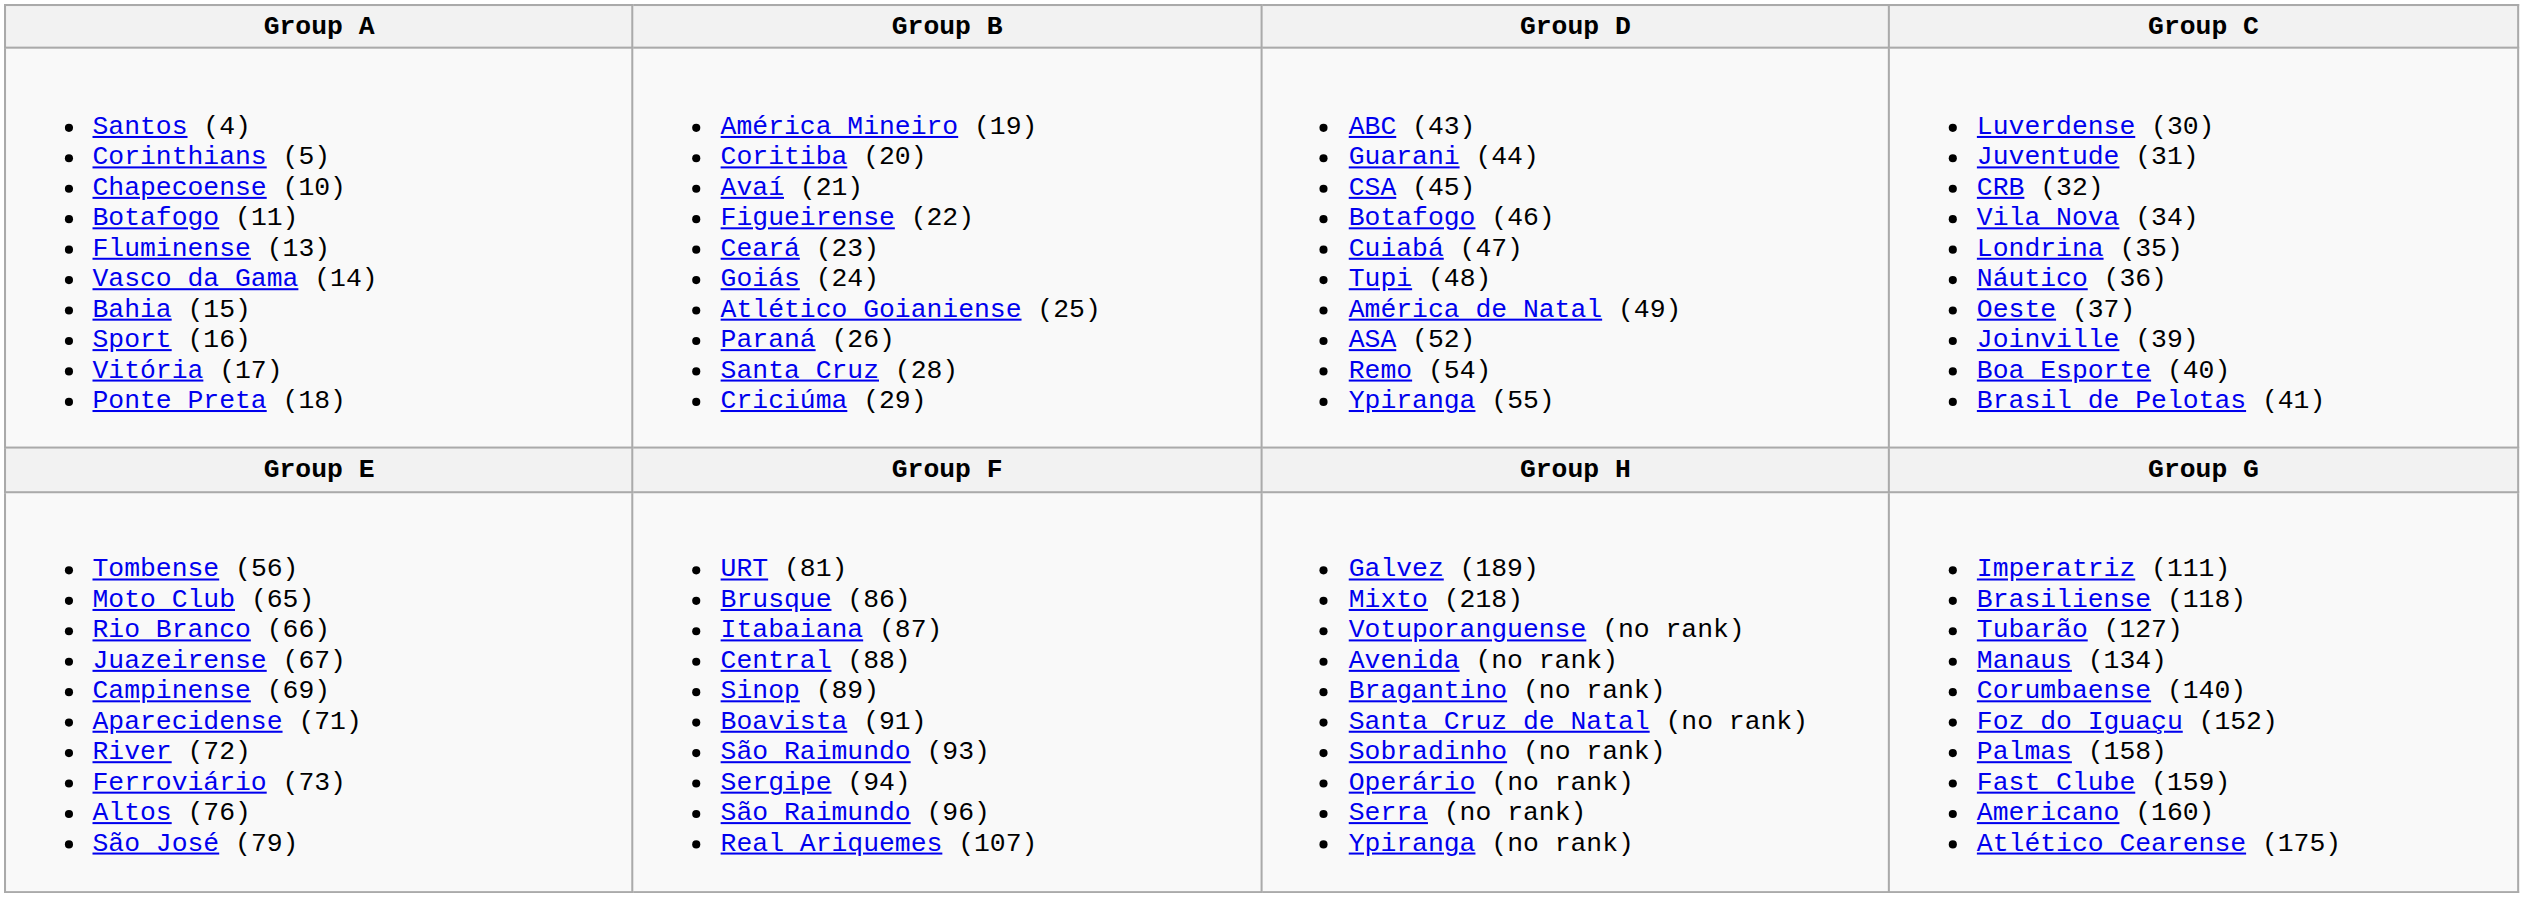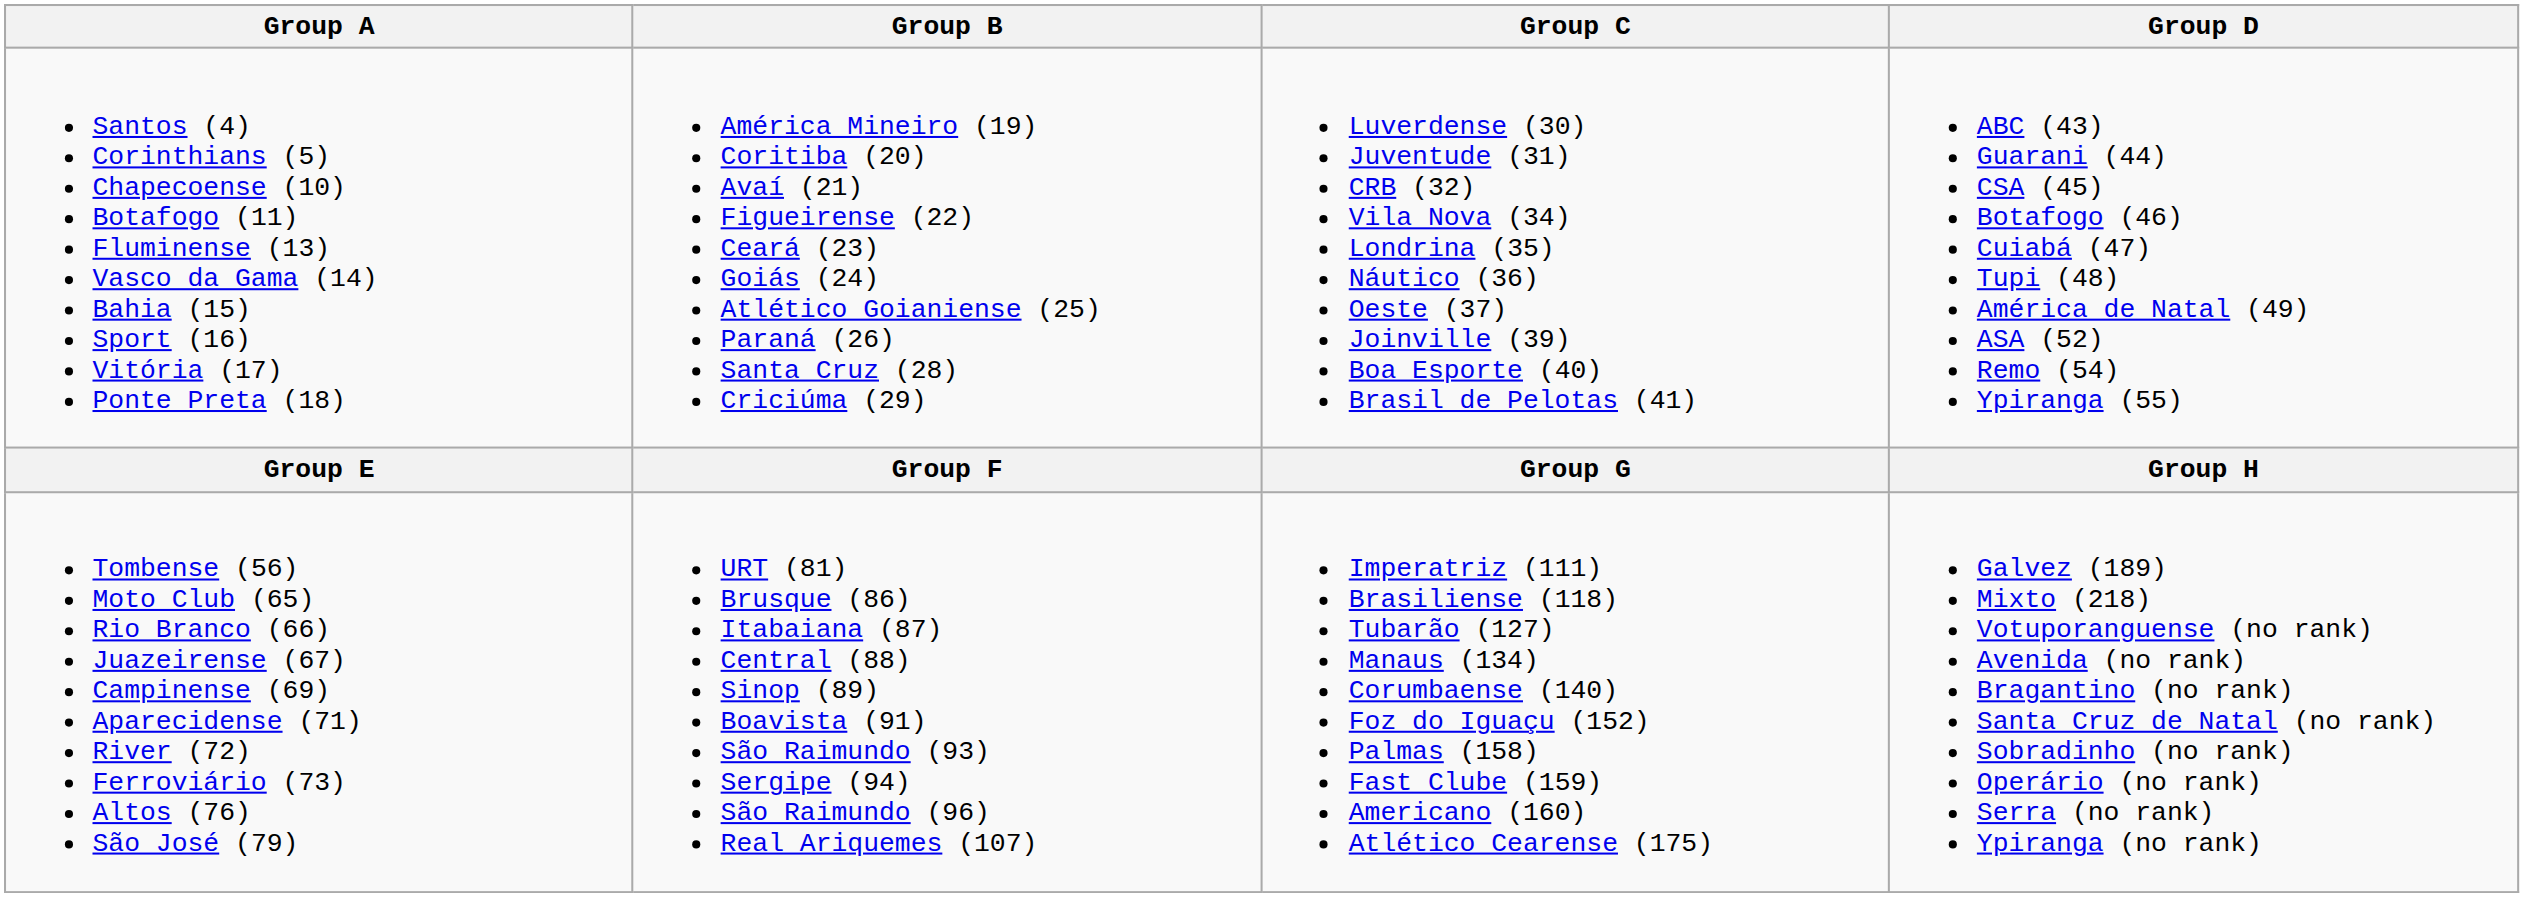 <table class="wikitable" width=98%>
 <tr>
 <th width=25%>Group A</th>
 <th width=25%>Group B</th>
+<th width=25%>Group C</th>
 <th width=25%>Group D</th>
-<th width=25%>Group C</th>
 </tr>
 <tr>
 <td><br><ul><li> <a href='#'>Santos</a> (4)</li><li> <a href='#'>Corinthians</a> (5)</li><li> <a href='#'>Chapecoense</a> (10)</li><li> <a href='#'>Botafogo</a> (11)</li><li> <a href='#'>Fluminense</a> (13)</li><li> <a href='#'>Vasco da Gama</a> (14)</li><li> <a href='#'>Bahia</a> (15)</li><li> <a href='#'>Sport</a> (16)</li><li> <a href='#'>Vitória</a> (17)</li><li> <a href='#'>Ponte Preta</a> (18)</li></ul></td>
 <td><br><ul><li> <a href='#'>América Mineiro</a> (19)</li><li> <a href='#'>Coritiba</a> (20)</li><li> <a href='#'>Avaí</a> (21)</li><li> <a href='#'>Figueirense</a> (22)</li><li> <a href='#'>Ceará</a> (23)</li><li> <a href='#'>Goiás</a> (24)</li><li> <a href='#'>Atlético Goianiense</a> (25)</li><li> <a href='#'>Paraná</a> (26)</li><li> <a href='#'>Santa Cruz</a> (28)</li><li> <a href='#'>Criciúma</a> (29)</li></ul></td>
+<td><br><ul><li> <a href='#'>Luverdense</a> (30)</li><li> <a href='#'>Juventude</a> (31)</li><li> <a href='#'>CRB</a> (32)</li><li> <a href='#'>Vila Nova</a> (34)</li><li> <a href='#'>Londrina</a> (35)</li><li> <a href='#'>Náutico</a> (36)</li><li> <a href='#'>Oeste</a> (37)</li><li> <a href='#'>Joinville</a> (39)</li><li> <a href='#'>Boa Esporte</a> (40)</li><li> <a href='#'>Brasil de Pelotas</a> (41)</li></ul></td>
 <td><br><ul><li> <a href='#'>ABC</a> (43)</li><li> <a href='#'>Guarani</a> (44)</li><li> <a href='#'>CSA</a> (45)</li><li> <a href='#'>Botafogo</a> (46)</li><li> <a href='#'>Cuiabá</a> (47)</li><li> <a href='#'>Tupi</a> (48)</li><li> <a href='#'>América de Natal</a> (49)</li><li> <a href='#'>ASA</a> (52)</li><li> <a href='#'>Remo</a> (54)</li><li> <a href='#'>Ypiranga</a> (55)</li></ul></td>
-<td><br><ul><li> <a href='#'>Luverdense</a> (30)</li><li> <a href='#'>Juventude</a> (31)</li><li> <a href='#'>CRB</a> (32)</li><li> <a href='#'>Vila Nova</a> (34)</li><li> <a href='#'>Londrina</a> (35)</li><li> <a href='#'>Náutico</a> (36)</li><li> <a href='#'>Oeste</a> (37)</li><li> <a href='#'>Joinville</a> (39)</li><li> <a href='#'>Boa Esporte</a> (40)</li><li> <a href='#'>Brasil de Pelotas</a> (41)</li></ul></td>
 </tr>
 <tr>
 <th width=25%>Group E</th>
 <th width=25%>Group F</th>
+<th width=25%>Group G</th>
 <th width=25%>Group H</th>
-<th width=25%>Group G</th>
 </tr>
 <tr>
 <td><br><ul><li> <a href='#'>Tombense</a> (56)</li><li> <a href='#'>Moto Club</a> (65)</li><li> <a href='#'>Rio Branco</a> (66)</li><li> <a href='#'>Juazeirense</a> (67)</li><li> <a href='#'>Campinense</a> (69)</li><li> <a href='#'>Aparecidense</a> (71)</li><li> <a href='#'>River</a> (72)</li><li> <a href='#'>Ferroviário</a> (73)</li><li> <a href='#'>Altos</a> (76)</li><li> <a href='#'>São José</a> (79)</li></ul></td>
 <td><br><ul><li> <a href='#'>URT</a> (81)</li><li> <a href='#'>Brusque</a> (86)</li><li> <a href='#'>Itabaiana</a> (87)</li><li> <a href='#'>Central</a> (88)</li><li> <a href='#'>Sinop</a> (89)</li><li> <a href='#'>Boavista</a> (91)</li><li> <a href='#'>São Raimundo</a> (93)</li><li> <a href='#'>Sergipe</a> (94)</li><li> <a href='#'>São Raimundo</a> (96)</li><li> <a href='#'>Real Ariquemes</a> (107)</li></ul></td>
+<td><br><ul><li> <a href='#'>Imperatriz</a> (111)</li><li> <a href='#'>Brasiliense</a> (118)</li><li> <a href='#'>Tubarão</a> (127)</li><li> <a href='#'>Manaus</a> (134)</li><li> <a href='#'>Corumbaense</a> (140)</li><li> <a href='#'>Foz do Iguaçu</a> (152)</li><li> <a href='#'>Palmas</a> (158)</li><li> <a href='#'>Fast Clube</a> (159)</li><li> <a href='#'>Americano</a> (160)</li><li> <a href='#'>Atlético Cearense</a> (175)</li></ul></td>
 <td><br><ul><li> <a href='#'>Galvez</a> (189)</li><li> <a href='#'>Mixto</a> (218)</li><li> <a href='#'>Votuporanguense</a> (no rank)</li><li> <a href='#'>Avenida</a> (no rank)</li><li> <a href='#'>Bragantino</a> (no rank)</li><li> <a href='#'>Santa Cruz de Natal</a> (no rank)</li><li> <a href='#'>Sobradinho</a> (no rank)</li><li> <a href='#'>Operário</a> (no rank)</li><li> <a href='#'>Serra</a> (no rank)</li><li> <a href='#'>Ypiranga</a> (no rank)</li></ul></td>
-<td><br><ul><li> <a href='#'>Imperatriz</a> (111)</li><li> <a href='#'>Brasiliense</a> (118)</li><li> <a href='#'>Tubarão</a> (127)</li><li> <a href='#'>Manaus</a> (134)</li><li> <a href='#'>Corumbaense</a> (140)</li><li> <a href='#'>Foz do Iguaçu</a> (152)</li><li> <a href='#'>Palmas</a> (158)</li><li> <a href='#'>Fast Clube</a> (159)</li><li> <a href='#'>Americano</a> (160)</li><li> <a href='#'>Atlético Cearense</a> (175)</li></ul></td>
 </tr>
 </table>
